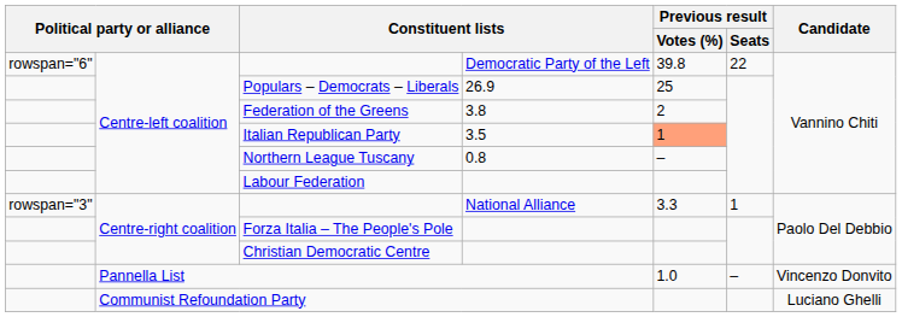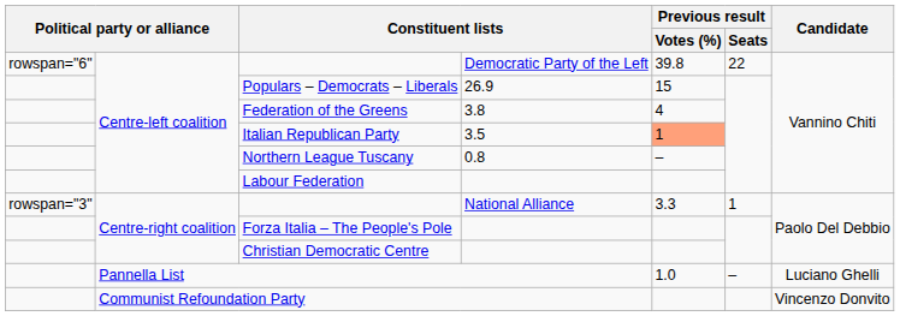 <table class="wikitable" style="text-align:left">
 <tr>
 <th colspan=2 rowspan="2">Political party or alliance</th>
 <th colspan=2 rowspan="2">Constituent lists</th>
 <th colspan="2">Previous result</th>
 <th rowspan="2">Candidate</th>
 </tr>
 <tr>
 <th>Votes (%)</th>
 <th>Seats</th>
 </tr>
 <tr>
 <td>rowspan="6" </td>
 <td rowspan="6"><a href='#'>Centre-left coalition</a></td>
 <td></td>
 <td style="text-align:left;"><a href='#'>Democratic Party of the Left</a></td>
 <td>39.8</td>
 <td>22</td>
 <td rowspan="6" style="text-align: center;">Vannino Chiti</td>
 </tr>
 <tr>
 <td></td>
 <td><a href='#'>Populars</a> – <a href='#'>Democrats</a> – <a href='#'>Liberals</a></td>
 <td>26.9</td>
-<td>25</td>
+<td>15</td>
 </tr>
 <tr>
 <td></td>
 <td><a href='#'>Federation of the Greens</a></td>
 <td>3.8</td>
-<td>2</td>
+<td>4</td>
 </tr>
 <tr>
 <td></td>
 <td><a href='#'>Italian Republican Party</a></td>
 <td>3.5</td>
 <td style="background: lightsalmon;">1</td>
 </tr>
 <tr>
 <td></td>
 <td><a href='#'>Northern League Tuscany</a></td>
 <td>0.8</td>
 <td>–</td>
 </tr>
 <tr>
 <td></td>
 <td><a href='#'>Labour Federation</a></td>
 <td></td>
 <td></td>
 </tr>
 <tr>
 <td>rowspan="3" </td>
 <td rowspan=3><a href='#'>Centre-right coalition</a></td>
 <td></td>
 <td style="text-align:left;"><a href='#'>National Alliance</a></td>
 <td>3.3</td>
 <td>1</td>
 <td rowspan="3" style="text-align: center;">Paolo Del Debbio</td>
 </tr>
 <tr>
 <td></td>
 <td style="text-align:left;"><a href='#'>Forza Italia – The People's Pole</a></td>
 <td></td>
 <td></td>
 </tr>
 <tr>
 <td></td>
 <td style="text-align:left;"><a href='#'>Christian Democratic Centre</a></td>
 <td></td>
 <td></td>
 </tr>
 <tr>
 <td></td>
 <td colspan="3"><a href='#'>Pannella List</a></td>
 <td>1.0</td>
 <td>–</td>
-<td style="text-align: center;">Vincenzo Donvito</td>
+<td style="text-align: center;">Luciano Ghelli</td>
 </tr>
 <tr>
 <td></td>
 <td colspan="3"><a href='#'>Communist Refoundation Party</a></td>
 <td></td>
 <td></td>
-<td style="text-align: center;">Luciano Ghelli</td>
+<td style="text-align: center;">Vincenzo Donvito</td>
 </tr>
 </table>
